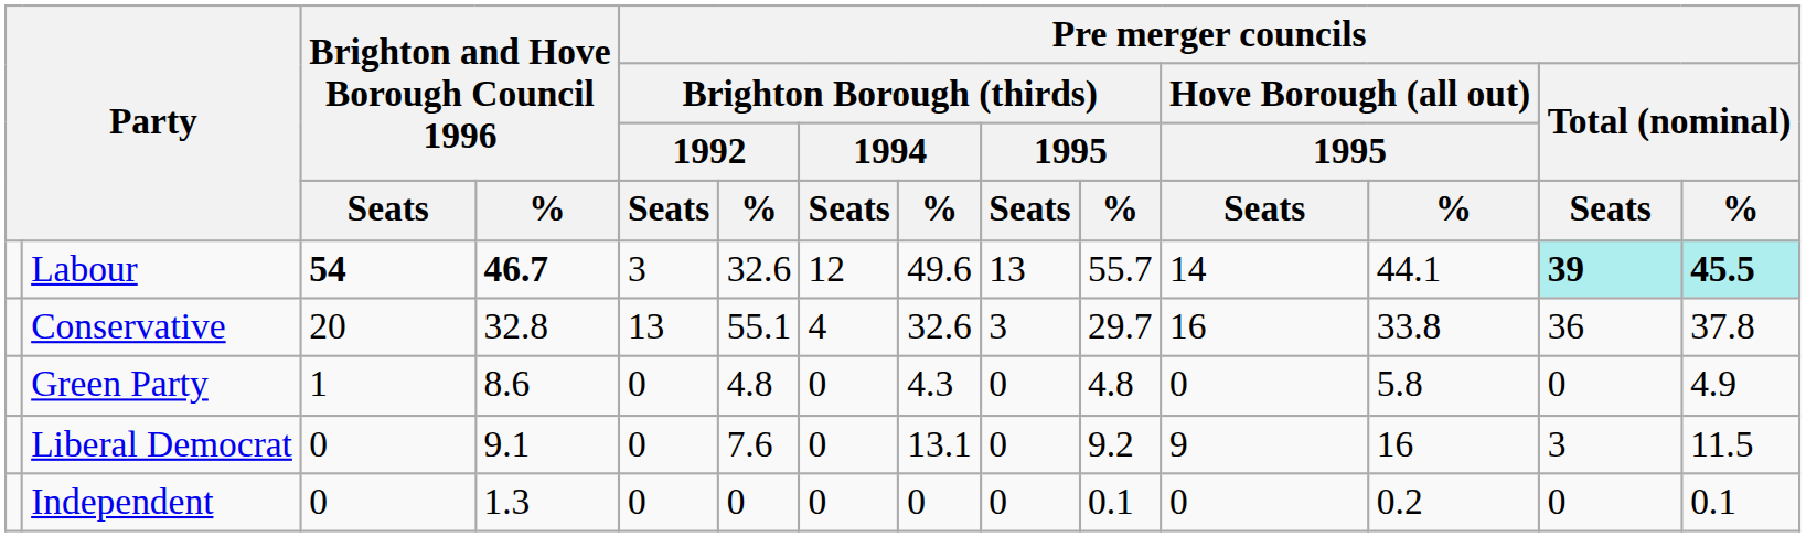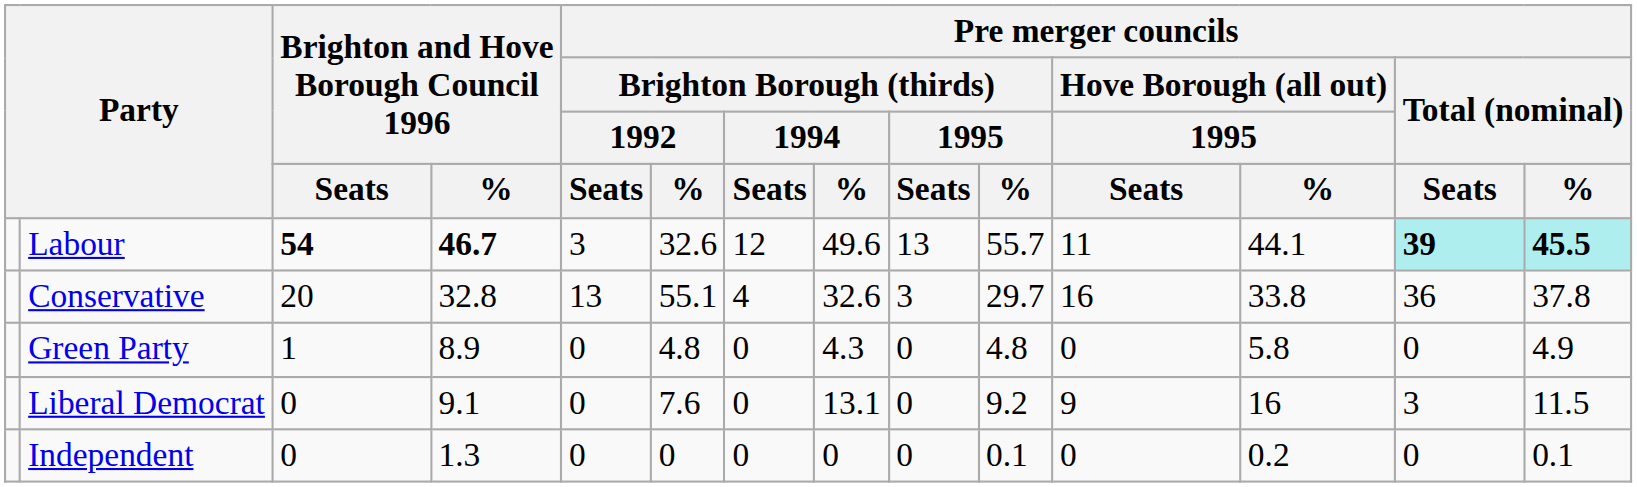 <table class="wikitable">
 <tr>
 <th rowspan=4 colspan="2">Party</th>
 <th rowspan="3" colspan="2">Brighton and Hove<br>Borough Council<br>1996</th>
 <th colspan="10">Pre merger councils</th>
 </tr>
 <tr>
 <th colspan="6">Brighton Borough (thirds)</th>
 <th colspan="2">Hove Borough (all out)</th>
 <th rowspan="2" colspan="2">Total (nominal)</th>
 </tr>
 <tr>
 <th colspan="2">1992</th>
 <th colspan="2">1994</th>
 <th colspan="2">1995</th>
 <th colspan=2>1995</th>
 </tr>
 <tr>
 <th>Seats</th>
 <th>%</th>
 <th>Seats</th>
 <th>%</th>
 <th>Seats</th>
 <th>%</th>
 <th>Seats</th>
 <th>%</th>
 <th>Seats</th>
 <th>%</th>
 <th>Seats</th>
 <th>%</th>
 </tr>
 <tr>
 <td style="background-color: "></td>
 <td><a href='#'>Labour</a></td>
 <td><strong>54</strong></td>
 <td><strong>46.7</strong></td>
 <td>3</td>
 <td>32.6</td>
 <td>12</td>
 <td>49.6</td>
 <td>13</td>
 <td>55.7</td>
-<td>14</td>
+<td>11</td>
 <td>44.1</td>
 <td style="background: paleturquoise;"><strong>39</strong></td>
 <td style="background: paleturquoise;"><strong>45.5</strong></td>
 </tr>
 <tr>
 <td style="background-color: "></td>
 <td><a href='#'>Conservative</a></td>
 <td>20</td>
 <td>32.8</td>
 <td>13</td>
 <td>55.1</td>
 <td>4</td>
 <td>32.6</td>
 <td>3</td>
 <td>29.7</td>
 <td>16</td>
 <td>33.8</td>
 <td>36</td>
 <td>37.8</td>
 </tr>
 <tr>
 <td style="background-color: "></td>
 <td><a href='#'>Green Party</a></td>
 <td>1</td>
-<td>8.6</td>
+<td>8.9</td>
 <td>0</td>
 <td>4.8</td>
 <td>0</td>
 <td>4.3</td>
 <td>0</td>
 <td>4.8</td>
 <td>0</td>
 <td>5.8</td>
 <td>0</td>
 <td>4.9</td>
 </tr>
 <tr>
 <td style="background-color: "></td>
 <td><a href='#'>Liberal Democrat</a></td>
 <td>0</td>
 <td>9.1</td>
 <td>0</td>
 <td>7.6</td>
 <td>0</td>
 <td>13.1</td>
 <td>0</td>
 <td>9.2</td>
 <td>9</td>
 <td>16</td>
 <td>3</td>
 <td>11.5</td>
 </tr>
 <tr>
 <td style="backgrouns-color: "></td>
 <td><a href='#'>Independent</a></td>
 <td>0</td>
 <td>1.3</td>
 <td>0</td>
 <td>0</td>
 <td>0</td>
 <td>0</td>
 <td>0</td>
 <td>0.1</td>
 <td>0</td>
 <td>0.2</td>
 <td>0</td>
 <td>0.1</td>
 </tr>
 </table>
